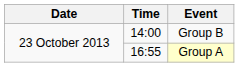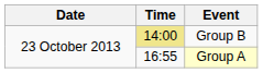 <table class = "wikitable" style="text-align:center;">
 <tr>
 <th width=150>Date</th>
 <th width=50>Time</th>
 <th width=80>Event</th>
 </tr>
 <tr>
 <td rowspan=2>23 October 2013</td>
-<td>14:00</td>
+<td style="background: khaki;">14:00</td>
 <td>Group B</td>
 </tr>
 <tr>
 <td>16:55</td>
 <td bgcolor=ffffcc>Group A</td>
 </tr>
 </table>
